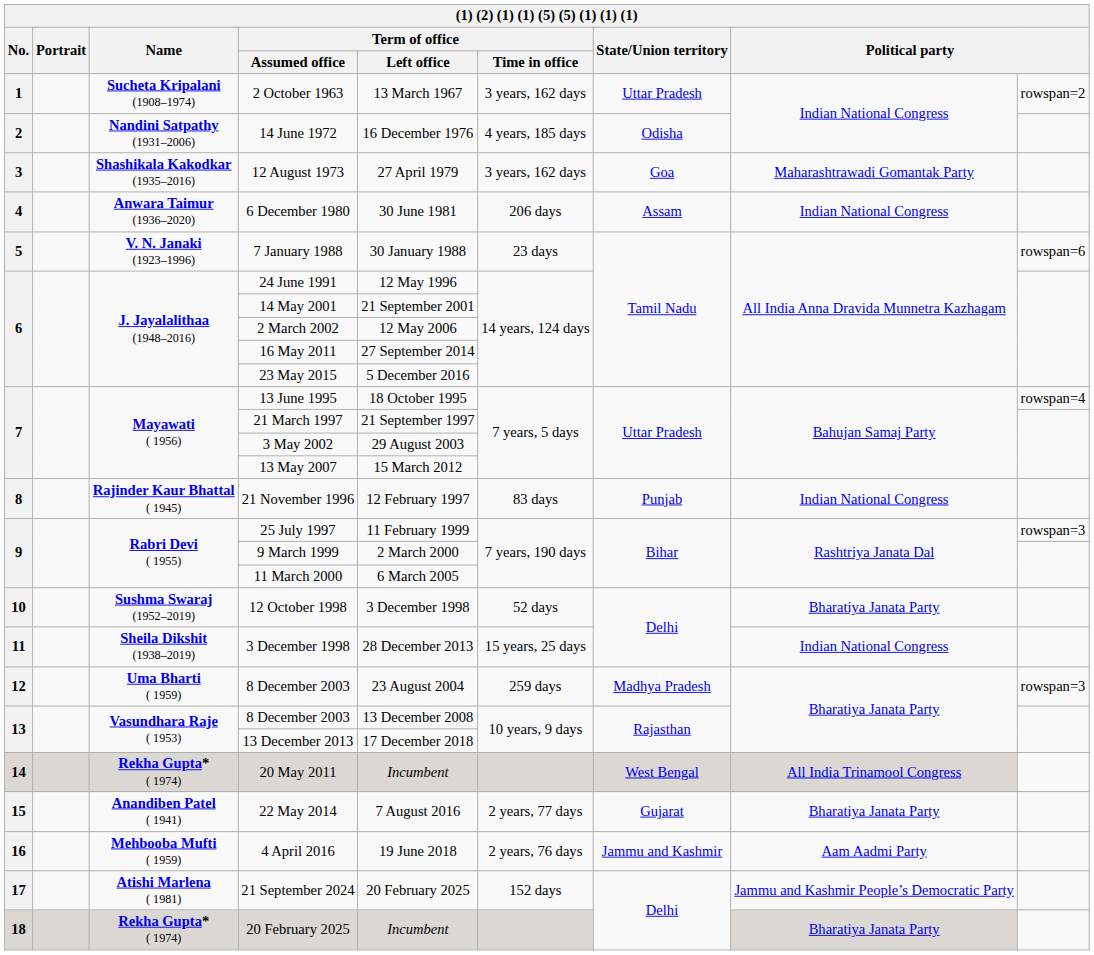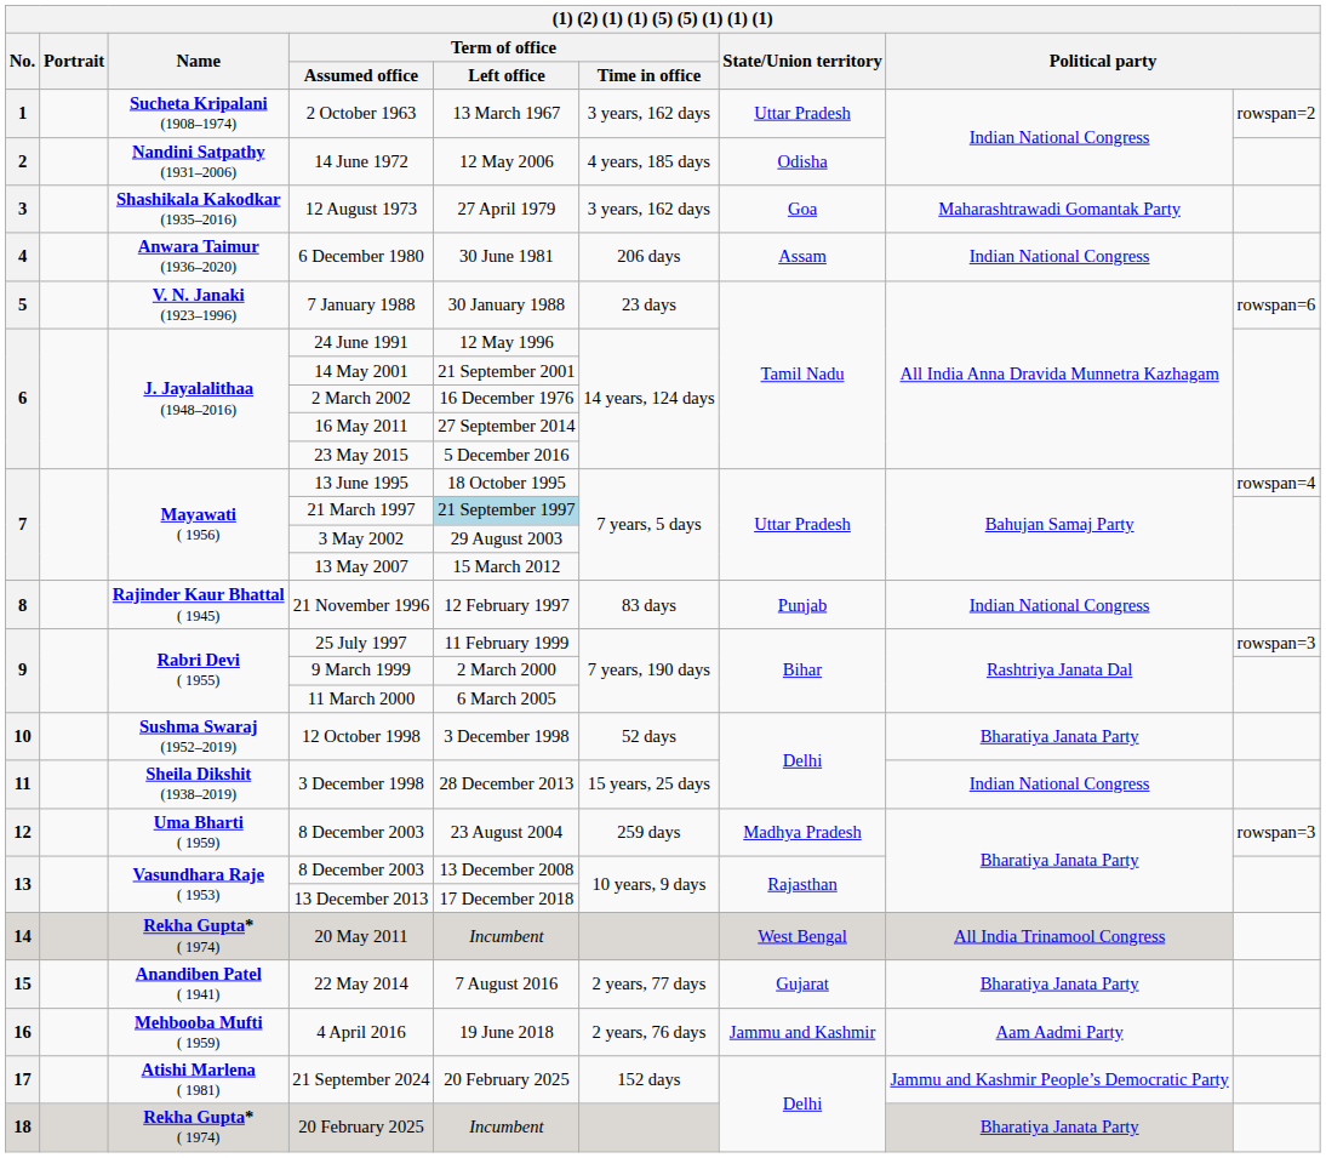 <table class="wikitable sortable" style="text-align:center;">
 <tr>
 <th colspan=12> (1) (2) (1) (1) (5) (5) (1) (1) (1)</th>
 </tr>
 <tr>
 <th rowspan=2>No.</th>
 <th rowspan=2>Portrait</th>
 <th rowspan=2>Name<br><small></small></th>
 <th colspan=3>Term of office</th>
 <th rowspan=2>State/Union territory</th>
 <th rowspan=2 colspan=2>Political party</th>
 </tr>
 <tr>
 <th>Assumed office</th>
 <th>Left office</th>
 <th>Time in office</th>
 </tr>
 <tr>
 <th>1</th>
 <td></td>
 <td><strong><a href='#'>Sucheta Kripalani</a></strong><br><small>(1908–1974)</small></td>
 <td>2 October 1963</td>
 <td>13 March 1967</td>
 <td>3 years, 162 days</td>
 <td><a href='#'>Uttar Pradesh</a></td>
 <td rowspan=2><a href='#'>Indian National Congress</a></td>
 <td>rowspan=2 </td>
 </tr>
 <tr>
 <th>2</th>
 <td></td>
 <td><strong><a href='#'>Nandini Satpathy</a></strong><br><small>(1931–2006)</small></td>
 <td>14 June 1972</td>
-<td>16 December 1976</td>
+<td>12 May 2006</td>
 <td>4 years, 185 days</td>
 <td><a href='#'>Odisha</a></td>
 </tr>
 <tr>
 <th>3</th>
 <td></td>
 <td><strong><a href='#'>Shashikala Kakodkar</a></strong><br><small>(1935–2016)</small></td>
 <td>12 August 1973</td>
 <td>27 April 1979</td>
 <td>3 years, 162 days</td>
 <td><a href='#'>Goa</a></td>
 <td><a href='#'>Maharashtrawadi Gomantak Party</a></td>
 <td></td>
 </tr>
 <tr>
 <th>4</th>
 <td></td>
 <td><strong><a href='#'>Anwara Taimur</a></strong><br><small>(1936–2020)</small></td>
 <td>6 December 1980</td>
 <td>30 June 1981</td>
 <td>206 days</td>
 <td><a href='#'>Assam</a></td>
 <td><a href='#'>Indian National Congress</a></td>
 <td></td>
 </tr>
 <tr>
 <th>5</th>
 <td></td>
 <td><strong><a href='#'>V. N. Janaki</a></strong><br><small>(1923–1996)</small></td>
 <td>7 January 1988</td>
 <td>30 January 1988</td>
 <td>23 days</td>
 <td rowspan=6><a href='#'>Tamil Nadu</a></td>
 <td rowspan=6><a href='#'>All India Anna Dravida Munnetra Kazhagam</a></td>
 <td>rowspan=6 </td>
 </tr>
 <tr>
 <th rowspan=5>6</th>
 <td rowspan=5></td>
 <td rowspan=5><strong><a href='#'>J. Jayalalithaa</a></strong><br><small>(1948–2016)</small></td>
 <td>24 June 1991</td>
 <td>12 May 1996</td>
 <td rowspan=5>14 years, 124 days</td>
 </tr>
 <tr>
 <td>14 May 2001</td>
 <td>21 September 2001</td>
 </tr>
 <tr>
 <td>2 March 2002</td>
-<td>12 May 2006</td>
+<td>16 December 1976</td>
 </tr>
 <tr>
 <td>16 May 2011</td>
 <td>27 September 2014</td>
 </tr>
 <tr>
 <td>23 May 2015</td>
 <td>5 December 2016</td>
 </tr>
 <tr>
 <th rowspan=4>7</th>
 <td rowspan=4></td>
 <td rowspan=4><strong><a href='#'>Mayawati</a></strong><br><small>( 1956)</small></td>
 <td>13 June 1995</td>
 <td>18 October 1995</td>
 <td rowspan=4>7 years, 5 days</td>
 <td rowspan=4><a href='#'>Uttar Pradesh</a></td>
 <td rowspan=4><a href='#'>Bahujan Samaj Party</a></td>
 <td>rowspan=4 </td>
 </tr>
 <tr>
 <td>21 March 1997</td>
-<td>21 September 1997</td>
+<td style="background: lightblue;">21 September 1997</td>
 </tr>
 <tr>
 <td>3 May 2002</td>
 <td>29 August 2003</td>
 </tr>
 <tr>
 <td>13 May 2007</td>
 <td>15 March 2012</td>
 </tr>
 <tr>
 <th>8</th>
 <td></td>
 <td><strong><a href='#'>Rajinder Kaur Bhattal</a></strong><br><small>( 1945)</small></td>
 <td>21 November 1996</td>
 <td>12 February 1997</td>
 <td>83 days</td>
 <td><a href='#'>Punjab</a></td>
 <td><a href='#'>Indian National Congress</a></td>
 <td></td>
 </tr>
 <tr>
 <th rowspan=3>9</th>
 <td rowspan=3></td>
 <td rowspan=3><strong><a href='#'>Rabri Devi</a></strong><br><small>( 1955)</small></td>
 <td>25 July 1997</td>
 <td>11 February 1999</td>
 <td rowspan=3>7 years, 190 days</td>
 <td rowspan=3><a href='#'>Bihar</a></td>
 <td rowspan=3><a href='#'>Rashtriya Janata Dal</a></td>
 <td>rowspan=3 </td>
 </tr>
 <tr>
 <td>9 March 1999</td>
 <td>2 March 2000</td>
 </tr>
 <tr>
 <td>11 March 2000</td>
 <td>6 March 2005</td>
 </tr>
 <tr>
 <th>10</th>
 <td></td>
 <td><strong><a href='#'>Sushma Swaraj</a></strong><br><small>(1952–2019)</small></td>
 <td>12 October 1998</td>
 <td>3 December 1998</td>
 <td>52 days</td>
 <td rowspan=2><a href='#'>Delhi</a></td>
 <td><a href='#'>Bharatiya Janata Party</a></td>
 <td></td>
 </tr>
 <tr>
 <th>11</th>
 <td></td>
 <td><strong><a href='#'>Sheila Dikshit</a></strong><br><small>(1938–2019)</small></td>
 <td>3 December 1998</td>
 <td>28 December 2013</td>
 <td>15 years, 25 days</td>
 <td><a href='#'>Indian National Congress</a></td>
 <td></td>
 </tr>
 <tr>
 <th>12</th>
 <td></td>
 <td><strong><a href='#'>Uma Bharti</a></strong><br><small>( 1959)</small></td>
 <td>8 December 2003</td>
 <td>23 August 2004</td>
 <td>259 days</td>
 <td><a href='#'>Madhya Pradesh</a></td>
 <td rowspan=3><a href='#'>Bharatiya Janata Party</a></td>
 <td>rowspan=3 </td>
 </tr>
 <tr>
 <th rowspan=2>13</th>
 <td rowspan=2></td>
 <td rowspan=2><strong><a href='#'>Vasundhara Raje</a></strong><br><small>( 1953)</small></td>
 <td>8 December 2003</td>
 <td>13 December 2008</td>
 <td rowspan=2>10 years, 9 days</td>
 <td rowspan=2><a href='#'>Rajasthan</a></td>
 </tr>
 <tr>
 <td>13 December 2013</td>
 <td>17 December 2018</td>
 </tr>
 <tr>
 <th style="background:#DBD7D2;">14</th>
 <td style="background:#DBD7D2;"></td>
 <td style="background:#DBD7D2;"><strong><a href='#'>Rekha Gupta</a>*</strong><br><small>( 1974)</small></td>
 <td style="background:#DBD7D2;">20 May 2011</td>
 <td style="background:#DBD7D2;"><em>Incumbent</em></td>
 <td style="background:#DBD7D2;"></td>
 <td style="background:#DBD7D2;"><a href='#'>West Bengal</a></td>
 <td style="background:#DBD7D2;"><a href='#'>All India Trinamool Congress</a></td>
 <td></td>
 </tr>
 <tr>
 <th>15</th>
 <td></td>
 <td><strong><a href='#'>Anandiben Patel</a></strong><br><small>( 1941)</small></td>
 <td>22 May 2014</td>
 <td>7 August 2016</td>
 <td>2 years, 77 days</td>
 <td><a href='#'>Gujarat</a></td>
 <td><a href='#'>Bharatiya Janata Party</a></td>
 <td></td>
 </tr>
 <tr>
 <th>16</th>
 <td></td>
 <td><strong><a href='#'>Mehbooba Mufti</a></strong><br><small>( 1959)</small></td>
 <td>4 April 2016</td>
 <td>19 June 2018</td>
 <td>2 years, 76 days</td>
 <td><a href='#'>Jammu and Kashmir</a></td>
 <td><a href='#'>Aam Aadmi Party</a></td>
 <td></td>
 </tr>
 <tr>
 <th>17</th>
 <td></td>
 <td><strong><a href='#'>Atishi Marlena</a></strong><br><small>( 1981)</small></td>
 <td>21 September 2024</td>
 <td>20 February 2025</td>
 <td>152 days</td>
 <td rowspan=2><a href='#'>Delhi</a></td>
 <td><a href='#'>Jammu and Kashmir People’s Democratic Party</a></td>
 <td></td>
 </tr>
 <tr>
 <th style="background:#DBD7D2;">18</th>
 <td style="background:#DBD7D2;"></td>
 <td style="background:#DBD7D2;"><strong><a href='#'>Rekha Gupta</a>*</strong><br><small>( 1974)</small></td>
 <td style="background:#DBD7D2;">20 February 2025</td>
 <td style="background:#DBD7D2;"><em>Incumbent</em></td>
 <td style="background:#DBD7D2;"></td>
 <td style="background:#DBD7D2;"><a href='#'>Bharatiya Janata Party</a></td>
 <td></td>
 </tr>
 </table>
